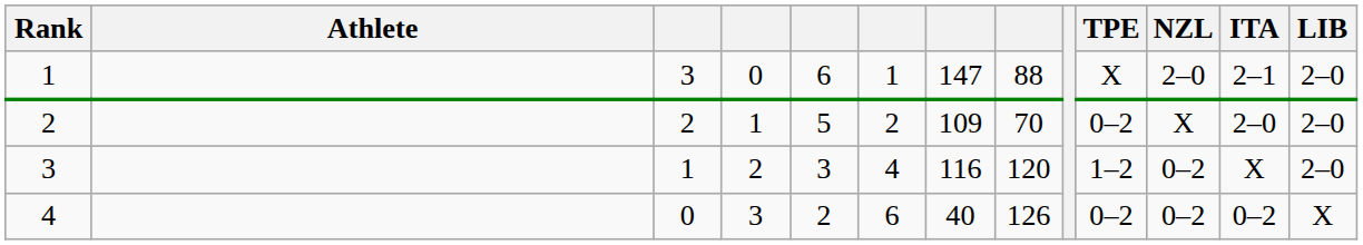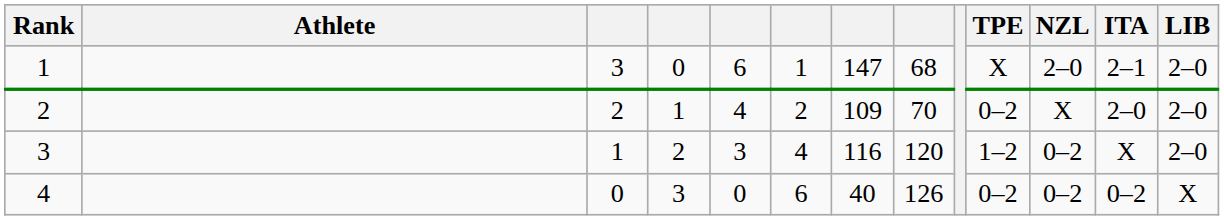 <table class="wikitable" style="text-align:center">
 <tr>
 <th width=40>Rank</th>
 <th width=300>Athlete</th>
 <th width=30></th>
 <th width=30></th>
 <th width=30></th>
 <th width=30></th>
 <th width=30></th>
 <th width=30></th>
 <th rowspan=5></th>
 <th width=30>TPE</th>
 <th width=30>NZL</th>
 <th width=30>ITA</th>
 <th width=30>LIB</th>
 </tr>
 <tr style="border-bottom:2px solid green;">
 <td>1</td>
 <td align=left></td>
 <td>3</td>
 <td>0</td>
 <td>6</td>
 <td>1</td>
 <td>147</td>
-<td>88</td>
+<td>68</td>
 <td>X</td>
 <td>2–0</td>
 <td>2–1</td>
 <td>2–0</td>
 </tr>
 <tr>
 <td>2</td>
 <td align=left></td>
 <td>2</td>
 <td>1</td>
-<td>5</td>
+<td>4</td>
 <td>2</td>
 <td>109</td>
 <td>70</td>
 <td>0–2</td>
 <td>X</td>
 <td>2–0</td>
 <td>2–0</td>
 </tr>
 <tr>
 <td>3</td>
 <td align=left></td>
 <td>1</td>
 <td>2</td>
 <td>3</td>
 <td>4</td>
 <td>116</td>
 <td>120</td>
 <td>1–2</td>
 <td>0–2</td>
 <td>X</td>
 <td>2–0</td>
 </tr>
 <tr>
 <td>4</td>
 <td align=left></td>
 <td>0</td>
 <td>3</td>
-<td>2</td>
+<td>0</td>
 <td>6</td>
 <td>40</td>
 <td>126</td>
 <td>0–2</td>
 <td>0–2</td>
 <td>0–2</td>
 <td>X</td>
 </tr>
 </table>
